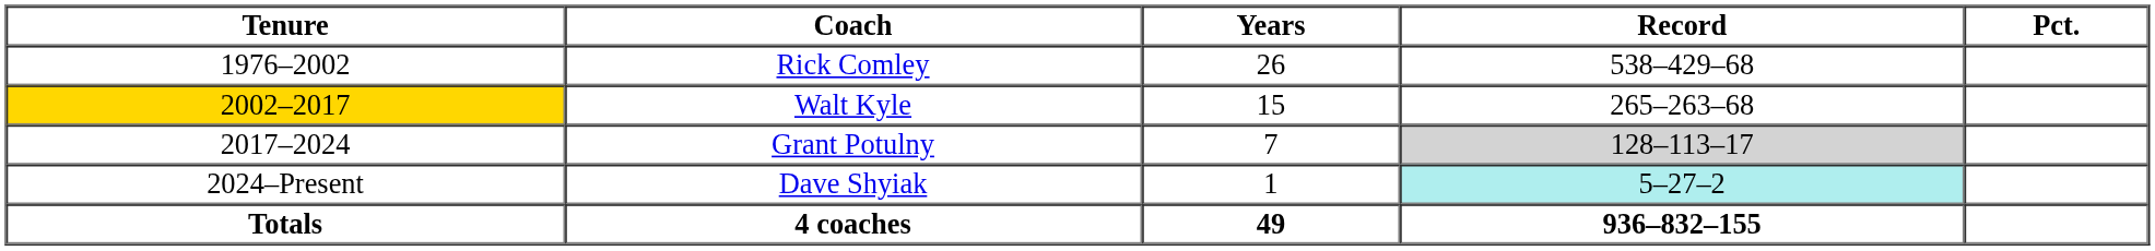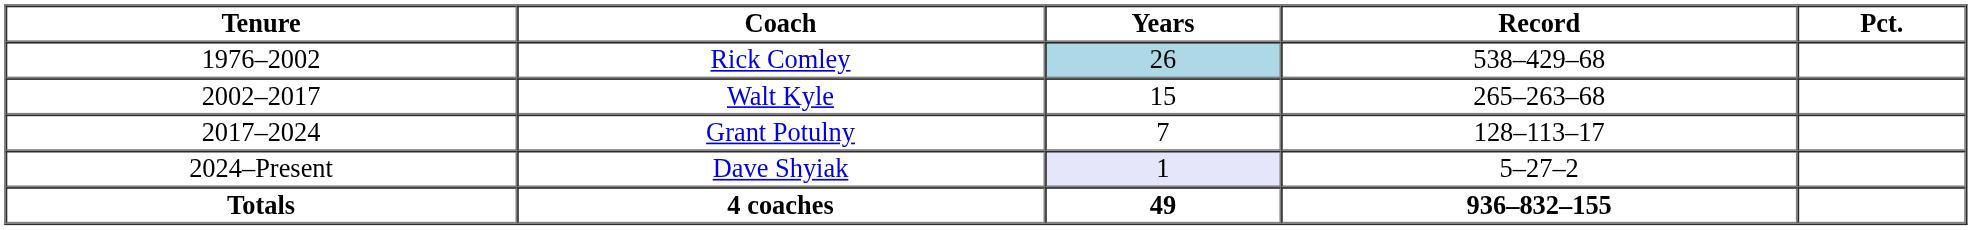 <table cellpadding="1" border="1" cellspacing="0" width="60%">
 <tr>
 <th>Tenure</th>
 <th>Coach</th>
 <th>Years</th>
 <th>Record</th>
 <th>Pct.</th>
 </tr>
 <tr align="center">
 </tr>
 <tr align="center">
 <td>1976–2002</td>
 <td><a href='#'>Rick Comley</a></td>
-<td>26</td>
+<td style="background: lightblue;">26</td>
 <td>538–429–68</td>
 <td></td>
 </tr>
 <tr align="center">
-<td style="background: gold;">2002–2017</td>
+<td>2002–2017</td>
 <td><a href='#'>Walt Kyle</a></td>
 <td>15</td>
 <td>265–263–68</td>
 <td></td>
 </tr>
 <tr align="center">
 <td>2017–2024</td>
 <td><a href='#'>Grant Potulny</a></td>
 <td>7</td>
-<td style="background: lightgrey;">128–113–17</td>
+<td>128–113–17</td>
 <td></td>
 </tr>
 <tr align="center">
 <td>2024–Present</td>
 <td><a href='#'>Dave Shyiak</a></td>
-<td>1</td>
-<td style="background: paleturquoise;">5–27–2</td>
+<td style="background: lavender;">1</td>
+<td>5–27–2</td>
 <td></td>
 </tr>
 <tr align=center>
 <th>Totals</th>
 <th>4 coaches</th>
 <th>49</th>
 <th>936–832–155</th>
 <th></th>
 </tr>
 </table>
